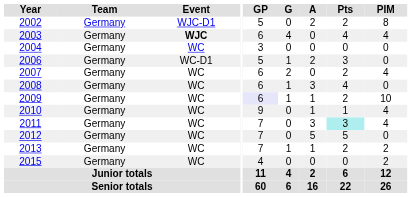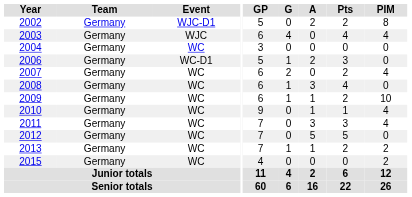 <table border="0" cellpadding="1" cellspacing="0" ID="Table3" style="text-align:center; width:40em">
 <tr ALIGN="center" bgcolor="#e0e0e0">
 <th>Year</th>
 <th>Team</th>
 <th>Event</th>
 <th rowspan="99" bgcolor="#ffffff"></th>
 <th>GP</th>
 <th>G</th>
 <th>A</th>
 <th>Pts</th>
 <th>PIM</th>
 </tr>
 <tr ALIGN="center">
 <td><a href='#'>2002</a></td>
 <td><a href='#'>Germany</a></td>
 <td><a href='#'>WJC-D1</a></td>
 <td>5</td>
 <td>0</td>
 <td>2</td>
 <td>2</td>
 <td>8</td>
 </tr>
 <tr ALIGN="center" bgcolor="#f0f0f0">
 <td><a href='#'>2003</a></td>
 <td>Germany</td>
-<td><strong>WJC</strong></td>
+<td>WJC</td>
 <td>6</td>
 <td>4</td>
 <td>0</td>
 <td>4</td>
 <td>4</td>
 </tr>
 <tr ALIGN="center">
 <td><a href='#'>2004</a></td>
 <td>Germany</td>
 <td><a href='#'>WC</a></td>
 <td>3</td>
 <td>0</td>
 <td>0</td>
 <td>0</td>
 <td>0</td>
 </tr>
 <tr ALIGN="center" bgcolor="#f0f0f0">
 <td><a href='#'>2006</a></td>
 <td>Germany</td>
 <td>WC-D1</td>
 <td>5</td>
 <td>1</td>
 <td>2</td>
 <td>3</td>
 <td>0</td>
 </tr>
 <tr ALIGN="center">
 <td><a href='#'>2007</a></td>
 <td>Germany</td>
 <td>WC</td>
 <td>6</td>
 <td>2</td>
 <td>0</td>
 <td>2</td>
 <td>4</td>
 </tr>
 <tr ALIGN="center" bgcolor="#f0f0f0">
 <td><a href='#'>2008</a></td>
 <td>Germany</td>
 <td>WC</td>
 <td>6</td>
 <td>1</td>
 <td>3</td>
 <td>4</td>
 <td>0</td>
 </tr>
 <tr ALIGN="center">
 <td><a href='#'>2009</a></td>
 <td>Germany</td>
 <td>WC</td>
-<td style="background: lavender;">6</td>
+<td>6</td>
 <td>1</td>
 <td>1</td>
 <td>2</td>
 <td>10</td>
 </tr>
 <tr ALIGN="center" bgcolor="#f0f0f0">
 <td><a href='#'>2010</a></td>
 <td>Germany</td>
 <td>WC</td>
 <td>9</td>
 <td>0</td>
 <td>1</td>
 <td>1</td>
 <td>4</td>
 </tr>
 <tr ALIGN="center">
 <td><a href='#'>2011</a></td>
 <td>Germany</td>
 <td>WC</td>
 <td>7</td>
 <td>0</td>
 <td>3</td>
-<td style="background: paleturquoise;">3</td>
+<td>3</td>
 <td>4</td>
 </tr>
 <tr ALIGN="center" bgcolor="#f0f0f0">
 <td><a href='#'>2012</a></td>
 <td>Germany</td>
 <td>WC</td>
 <td>7</td>
 <td>0</td>
 <td>5</td>
 <td>5</td>
 <td>0</td>
 </tr>
 <tr ALIGN="center">
 <td><a href='#'>2013</a></td>
 <td>Germany</td>
 <td>WC</td>
 <td>7</td>
 <td>1</td>
 <td>1</td>
 <td>2</td>
 <td>2</td>
 </tr>
 <tr ALIGN="center" bgcolor="#f0f0f0">
 <td><a href='#'>2015</a></td>
 <td>Germany</td>
 <td>WC</td>
 <td>4</td>
 <td>0</td>
 <td>0</td>
 <td>0</td>
 <td>2</td>
 </tr>
 <tr bgcolor="#e0e0e0">
 <th colspan="3">Junior totals</th>
 <th>11</th>
 <th>4</th>
 <th>2</th>
 <th>6</th>
 <th>12</th>
 </tr>
 <tr bgcolor="#e0e0e0">
 <th colspan="3">Senior totals</th>
 <th>60</th>
 <th>6</th>
 <th>16</th>
 <th>22</th>
 <th>26</th>
 </tr>
 </table>
